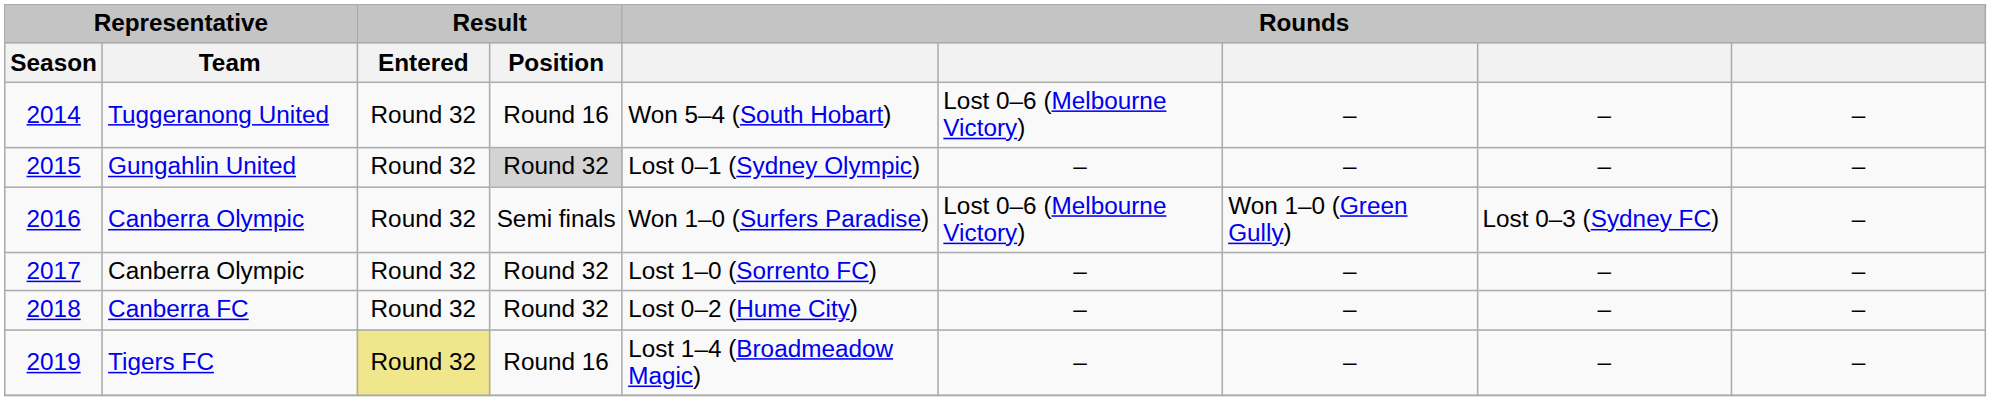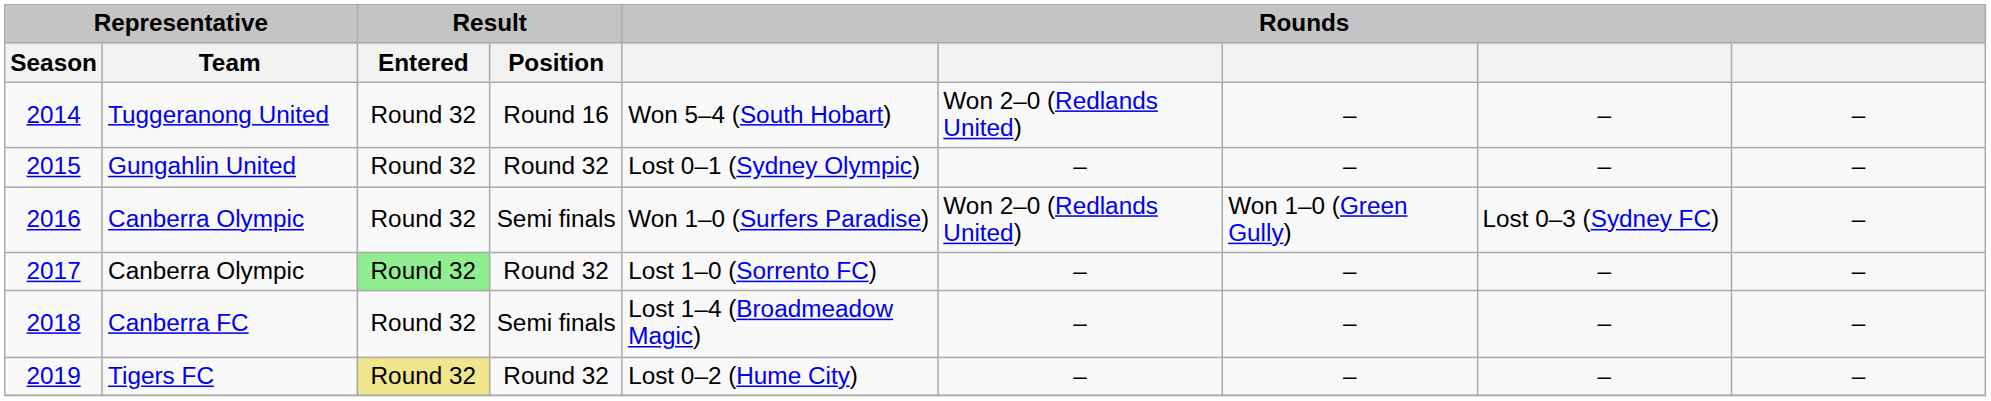 <table class="wikitable" style="text-align: center">
 <tr>
 <th colspan="2" ; style="background: rgb(196,196,196)">Representative</th>
 <th colspan="2" ; style="background: rgb(196,196,196)">Result</th>
 <th colspan="5" ; style="background: rgb(196,196,196)">Rounds</th>
 </tr>
 <tr>
 <th width="40px">Season</th>
 <th width="160px">Team</th>
 <th width="80px">Entered</th>
 <th width="80px">Position</th>
 <th width="200px"></th>
 <th width="180px"></th>
 <th width="160px"></th>
 <th width="160px"></th>
 <th width="160px"></th>
 </tr>
 <tr>
 <td><a href='#'>2014</a></td>
 <td align="left"><a href='#'>Tuggeranong United</a></td>
 <td>Round 32</td>
 <td>Round 16</td>
 <td align="left">Won 5–4 (<a href='#'>South Hobart</a>)</td>
-<td align="left">Lost 0–6 (<a href='#'>Melbourne Victory</a>)</td>
+<td align="left">Won 2–0 (<a href='#'>Redlands United</a>)</td>
 <td>–</td>
 <td>–</td>
 <td>–</td>
 </tr>
 <tr>
 <td><a href='#'>2015</a></td>
 <td align="left"><a href='#'>Gungahlin United</a></td>
 <td>Round 32</td>
-<td style="background: lightgrey;">Round 32</td>
+<td>Round 32</td>
 <td align="left">Lost 0–1 (<a href='#'>Sydney Olympic</a>)</td>
 <td>–</td>
 <td>–</td>
 <td>–</td>
 <td>–</td>
 </tr>
 <tr>
 <td><a href='#'>2016</a></td>
 <td style="text-align:left;"><a href='#'>Canberra Olympic</a></td>
 <td>Round 32</td>
 <td>Semi finals</td>
 <td align="left">Won 1–0 (<a href='#'>Surfers Paradise</a>)</td>
-<td align="left">Lost 0–6 (<a href='#'>Melbourne Victory</a>)</td>
+<td align="left">Won 2–0 (<a href='#'>Redlands United</a>)</td>
 <td align="left">Won 1–0 (<a href='#'>Green Gully</a>)</td>
 <td align="left">Lost 0–3 (<a href='#'>Sydney FC</a>)</td>
 <td>–</td>
 </tr>
 <tr>
 <td><a href='#'>2017</a></td>
 <td style="text-align:left;">Canberra Olympic</td>
-<td>Round 32</td>
+<td style="background: lightgreen;">Round 32</td>
 <td>Round 32</td>
 <td align="left">Lost 1–0 (<a href='#'>Sorrento FC</a>)</td>
 <td>–</td>
 <td>–</td>
 <td>–</td>
 <td>–</td>
 </tr>
 <tr>
 <td><a href='#'>2018</a></td>
 <td style="text-align:left;"><a href='#'>Canberra FC</a></td>
 <td>Round 32</td>
-<td>Round 32</td>
-<td align="left">Lost 0–2 (<a href='#'>Hume City</a>)</td>
+<td>Semi finals</td>
+<td align="left">Lost 1–4 (<a href='#'>Broadmeadow Magic</a>)</td>
 <td>–</td>
 <td>–</td>
 <td>–</td>
 <td>–</td>
 </tr>
 <tr>
 <td><a href='#'>2019</a></td>
 <td style="text-align:left;"><a href='#'>Tigers FC</a></td>
 <td style="background: khaki;">Round 32</td>
-<td>Round 16</td>
-<td align="left">Lost 1–4 (<a href='#'>Broadmeadow Magic</a>)</td>
+<td>Round 32</td>
+<td align="left">Lost 0–2 (<a href='#'>Hume City</a>)</td>
 <td>–</td>
 <td>–</td>
 <td>–</td>
 <td>–</td>
 </tr>
 <tr>
 </tr>
 </table>
